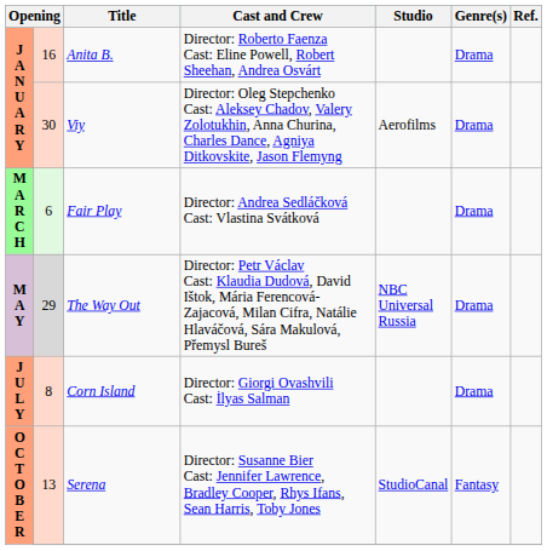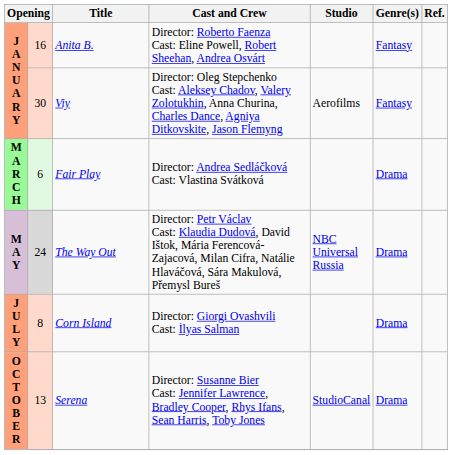 <table class="wikitable">
 <tr style="background:#b0e0e6; text-align:center;">
 <th colspan="2">Opening</th>
 <th style="width:24%;">Title</th>
 <th style="width:40%;">Cast and Crew</th>
 <th>Studio</th>
 <th style="width:10%;">Genre(s)</th>
 <th style="width:2%;">Ref.</th>
 </tr>
 <tr>
 <th rowspan="2" style="text-align:center; background:#ffa07a; textcolor:#000;">J<br>A<br>N<br>U<br>A<br>R<br>Y</th>
 <td rowspan="1" style="text-align:center; background:#ffdacc;">16</td>
 <td><em><a href='#'>Anita B.</a></em></td>
 <td>Director: <a href='#'>Roberto Faenza</a> <br> Cast: Eline Powell, <a href='#'>Robert Sheehan</a>, <a href='#'>Andrea Osvárt</a></td>
 <td></td>
-<td><a href='#'>Drama</a></td>
+<td><a href='#'>Fantasy</a></td>
 <td style="text-align:center"></td>
 </tr>
 <tr>
 <td rowspan="1" style="text-align:center; background:#ffdacc;">30</td>
 <td><em><a href='#'>Viy</a></em></td>
 <td>Director: Oleg Stepchenko <br> Cast: <a href='#'>Aleksey Chadov</a>, <a href='#'>Valery Zolotukhin</a>, Anna Churina, <a href='#'>Charles Dance</a>, <a href='#'>Agniya Ditkovskite</a>, <a href='#'>Jason Flemyng</a></td>
 <td>Aerofilms</td>
-<td><a href='#'>Drama</a></td>
+<td><a href='#'>Fantasy</a></td>
 <td style="text-align:center"></td>
 </tr>
 <tr>
 <th rowspan="1" style="text-align:center; background:#98fb98; textcolor:#000;">M<br>A<br>R<br>C<br>H</th>
 <td rowspan="1" style="text-align:center; background:#e0f9e0;">6</td>
 <td><em><a href='#'>Fair Play</a></em></td>
 <td>Director: <a href='#'>Andrea Sedláčková</a> <br> Cast: Vlastina Svátková</td>
 <td></td>
 <td><a href='#'>Drama</a></td>
 <td style="text-align:center"></td>
 </tr>
 <tr>
 <th rowspan="1" style="text-align:center; background:thistle; textcolor:#000;">M<br>A<br>Y</th>
-<td rowspan="1" style="text-align:center; background:#d8d8d8;">29</td>
+<td rowspan="1" style="text-align:center; background:#d8d8d8;">24</td>
 <td><em><a href='#'>The Way Out</a></em></td>
 <td>Director: <a href='#'>Petr Václav</a> <br> Cast: <a href='#'>Klaudia Dudová</a>, David Ištok, Mária Ferencová-Zajacová, Milan Cifra, Natálie Hlaváčová, Sára Makulová, Přemysl Bureš</td>
 <td><a href='#'>NBC Universal Russia</a></td>
 <td><a href='#'>Drama</a></td>
 <td style="text-align:center"></td>
 </tr>
 <tr>
 <th rowspan="1" style="text-align:center; background:#ffa07a; textcolor:#000;">J<br>U<br>L<br>Y</th>
 <td rowspan="1" style="text-align:center; background:#ffdacc;">8</td>
 <td><em><a href='#'>Corn Island</a></em></td>
 <td>Director: <a href='#'>Giorgi Ovashvili</a> <br> Cast: <a href='#'>İlyas Salman</a></td>
 <td></td>
 <td><a href='#'>Drama</a></td>
 <td style="text-align:center"></td>
 </tr>
 <tr>
 <th rowspan="10" style="text-align:center; background:#ffa07a; textcolor:#000;">O<br>C<br>T<br>O<br>B<br>E<br>R</th>
 <td rowspan="1" style="text-align:center; background:#ffdacc;">13</td>
 <td><em><a href='#'>Serena</a></em></td>
 <td>Director: <a href='#'>Susanne Bier</a> <br> Cast: <a href='#'>Jennifer Lawrence</a>, <a href='#'>Bradley Cooper</a>, <a href='#'>Rhys Ifans</a>, <a href='#'>Sean Harris</a>, <a href='#'>Toby Jones</a></td>
 <td><a href='#'>StudioCanal</a></td>
-<td><a href='#'>Fantasy</a></td>
+<td><a href='#'>Drama</a></td>
 <td style="text-align:center"></td>
 </tr>
 <tr>
 </tr>
 </table>
